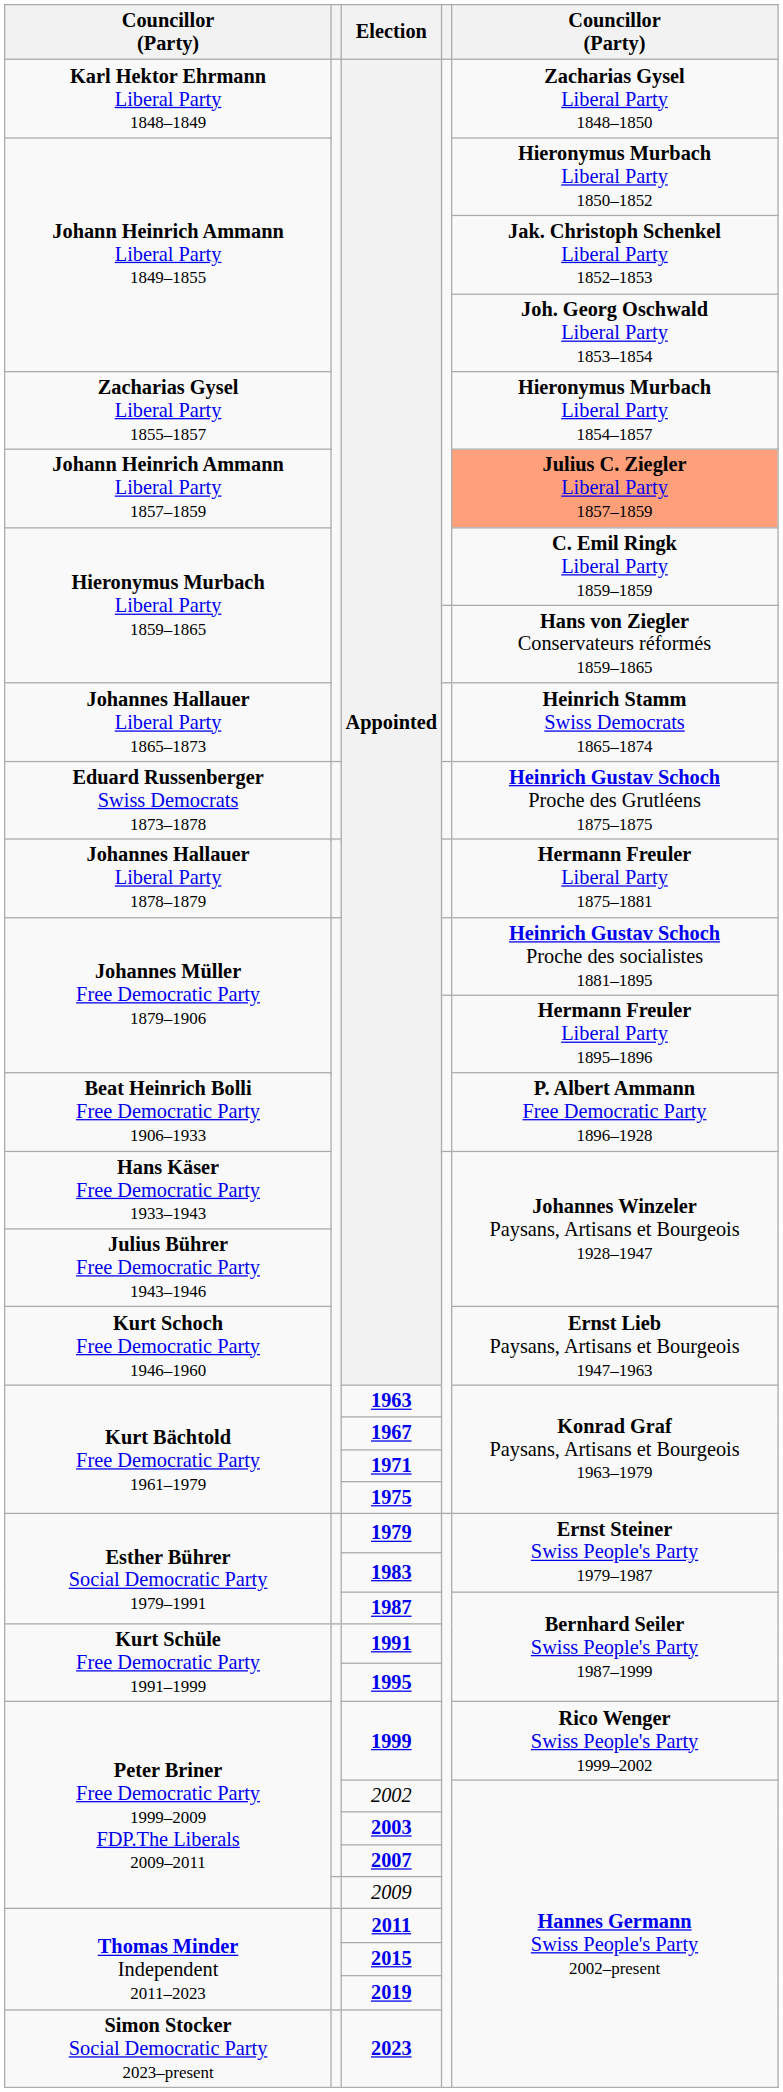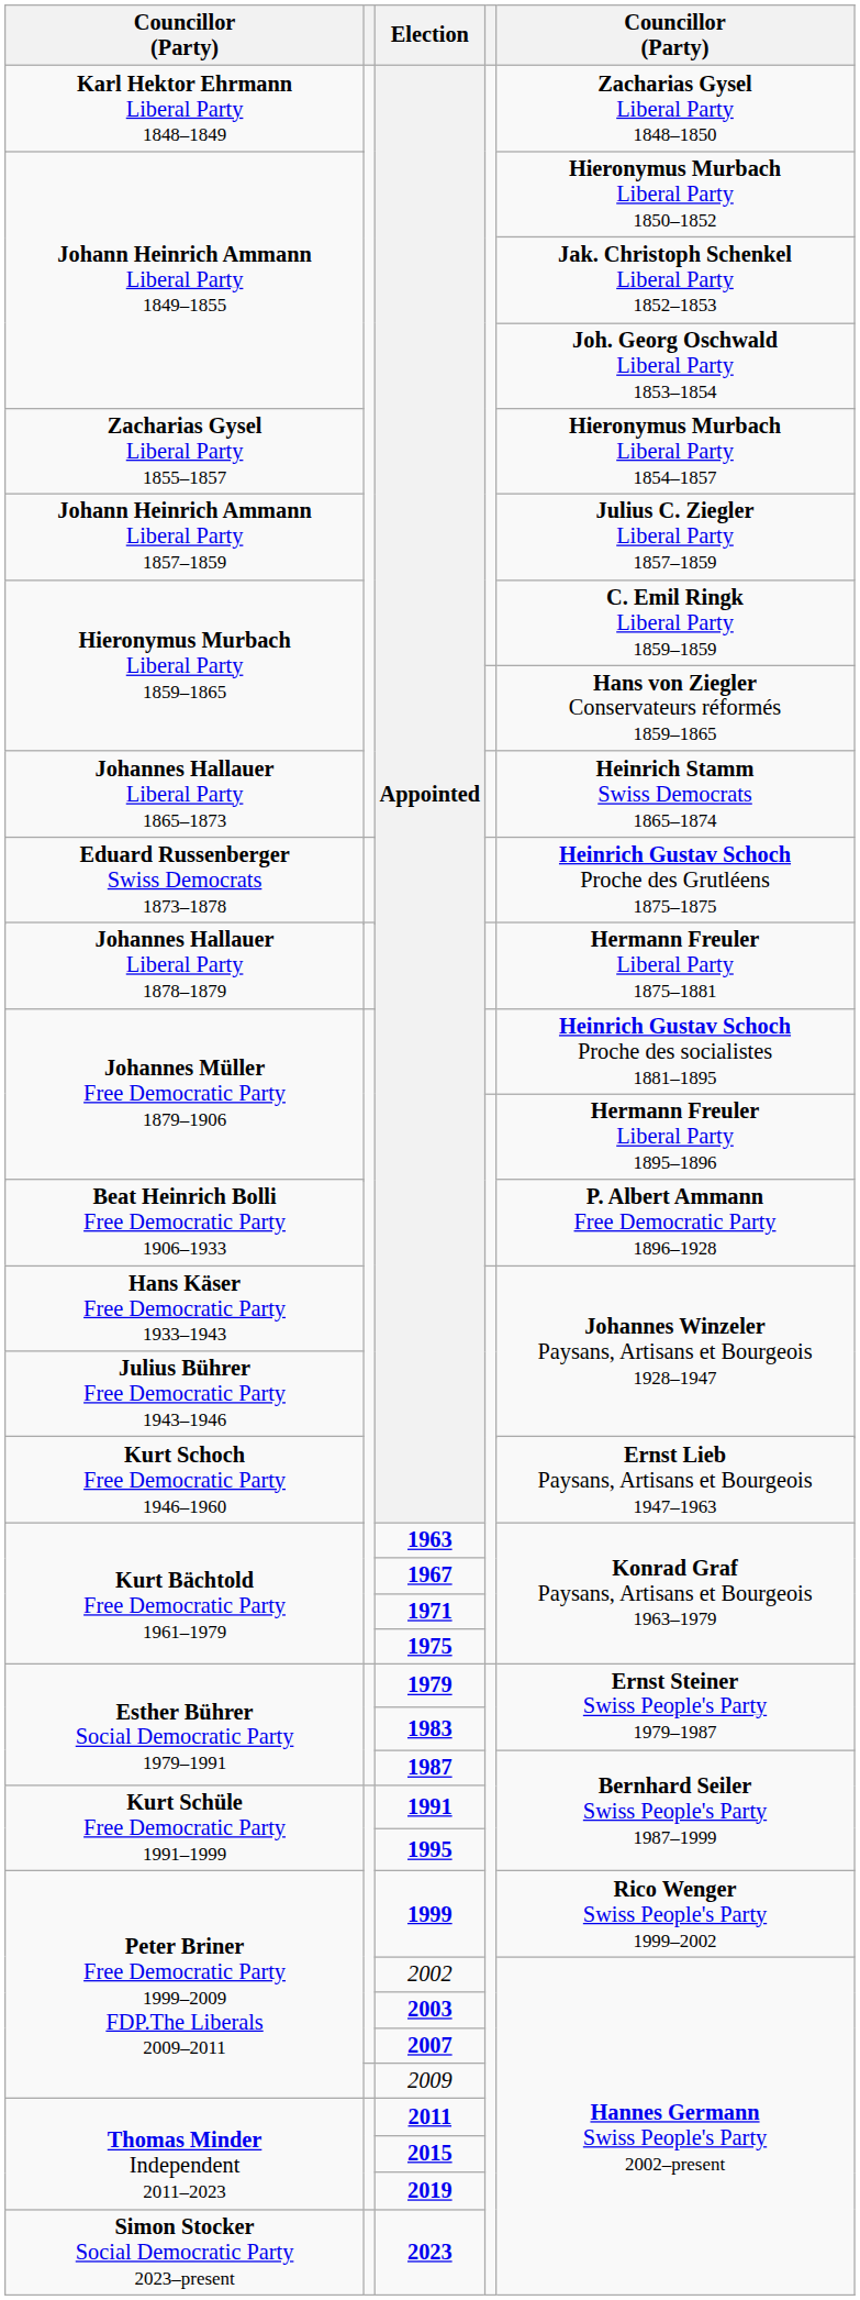 <table class="wikitable" style="text-align:center">
 <tr>
 <th scope="col" width="250" colspan = "1">Councillor<br> (Party)</th>
 <th></th>
 <th>Election</th>
 <th></th>
 <th scope="col" width="250" colspan = "1">Councillor<br> (Party)</th>
 </tr>
 <tr>
 <td rowspan=1><strong>Karl Hektor Ehrmann</strong><br><a href='#'>Liberal Party</a><br><small>1848–1849</small></td>
 <td rowspan=11; style="background-color: "></td>
 <th rowspan=26>Appointed</th>
 <td rowspan=9; style="background-color: "></td>
 <td rowspan=2><strong>Zacharias Gysel</strong><br><a href='#'>Liberal Party</a><br><small>1848–1850</small></td>
 </tr>
 <tr>
 <td rowspan=5><strong>Johann Heinrich Ammann</strong><br><a href='#'>Liberal Party</a><br><small>1849–1855</small></td>
 </tr>
 <tr>
 <td rowspan=1><strong>Hieronymus Murbach</strong><br><a href='#'>Liberal Party</a><br><small>1850–1852</small></td>
 </tr>
 <tr>
 <td rowspan=1><strong>Jak. Christoph Schenkel</strong><br><a href='#'>Liberal Party</a><br><small>1852–1853</small></td>
 </tr>
 <tr>
 <td rowspan=1><strong>Joh. Georg Oschwald</strong><br><a href='#'>Liberal Party</a><br><small>1853–1854</small></td>
 </tr>
 <tr>
 <td rowspan=2><strong>Hieronymus Murbach</strong><br><a href='#'>Liberal Party</a><br><small>1854–1857</small></td>
 </tr>
 <tr>
 <td rowspan=1><strong>Zacharias Gysel</strong><br><a href='#'>Liberal Party</a><br><small>1855–1857</small></td>
 </tr>
 <tr>
 <td rowspan=1><strong>Johann Heinrich Ammann</strong><br><a href='#'>Liberal Party</a><br><small>1857–1859</small></td>
-<td rowspan=1 style="background: lightsalmon;"><strong>Julius C. Ziegler</strong><br><a href='#'>Liberal Party</a><br><small>1857–1859</small></td>
+<td rowspan=1><strong>Julius C. Ziegler</strong><br><a href='#'>Liberal Party</a><br><small>1857–1859</small></td>
 </tr>
 <tr>
 <td rowspan=2><strong>Hieronymus Murbach</strong><br><a href='#'>Liberal Party</a><br><small>1859–1865</small></td>
 <td rowspan=1><strong>C. Emil Ringk</strong><br><a href='#'>Liberal Party</a><br><small>1859–1859</small></td>
 </tr>
 <tr>
 <td rowspan=1; style="background-color: "></td>
 <td rowspan=1><strong>Hans von Ziegler</strong><br>Conservateurs réformés<br><small>1859–1865</small></td>
 </tr>
 <tr>
 <td rowspan=1><strong>Johannes Hallauer</strong><br><a href='#'>Liberal Party</a><br><small>1865–1873</small></td>
 <td rowspan=2; style="background-color: "></td>
 <td rowspan=2><strong>Heinrich Stamm</strong><br><a href='#'>Swiss Democrats</a><br><small>1865–1874</small></td>
 </tr>
 <tr>
 <td rowspan=3><strong>Eduard Russenberger</strong><br><a href='#'>Swiss Democrats</a><br><small>1873–1878</small></td>
 <td rowspan=3; style="background-color: "></td>
 </tr>
 <tr>
 <td rowspan=1; style="background-color: "></td>
 <td rowspan=1><strong><a href='#'>Heinrich Gustav Schoch</a></strong><br>Proche des Grutléens<br><small>1875–1875</small></td>
 </tr>
 <tr>
 <td rowspan=3; style="background-color: "></td>
 <td rowspan=3><strong>Hermann Freuler</strong><br><a href='#'>Liberal Party</a><br><small>1875–1881</small></td>
 </tr>
 <tr>
 <td rowspan=1><strong>Johannes Hallauer</strong><br><a href='#'>Liberal Party</a><br><small>1878–1879</small></td>
 <td rowspan=1; style="background-color: "></td>
 </tr>
 <tr>
 <td rowspan=4><strong>Johannes Müller</strong><br><a href='#'>Free Democratic Party</a><br><small>1879–1906</small></td>
 <td rowspan=15; style="background-color: "></td>
 </tr>
 <tr>
 <td rowspan=1; style="background-color: "></td>
 <td rowspan=1><strong><a href='#'>Heinrich Gustav Schoch</a></strong><br>Proche des socialistes<br><small>1881–1895</small></td>
 </tr>
 <tr>
 <td rowspan=3; style="background-color: "></td>
 <td rowspan=1><strong>Hermann Freuler</strong><br><a href='#'>Liberal Party</a><br><small>1895–1896</small></td>
 </tr>
 <tr>
 <td rowspan=2><strong>P. Albert Ammann</strong><br><a href='#'>Free Democratic Party</a><br><small>1896–1928</small></td>
 </tr>
 <tr>
 <td rowspan=2><strong>Beat Heinrich Bolli</strong><br><a href='#'>Free Democratic Party</a><br><small>1906–1933</small></td>
 </tr>
 <tr>
 <td rowspan=10; style="background-color: "></td>
 <td rowspan=4><strong>Johannes Winzeler</strong><br>Paysans, Artisans et Bourgeois<br><small>1928–1947</small></td>
 </tr>
 <tr>
 <td rowspan=1><strong>Hans Käser</strong><br><a href='#'>Free Democratic Party</a><br><small>1933–1943</small></td>
 </tr>
 <tr>
 <td rowspan=1><strong>Julius Bührer</strong><br><a href='#'>Free Democratic Party</a><br><small>1943–1946</small></td>
 </tr>
 <tr>
 <td rowspan=2><strong>Kurt Schoch</strong><br><a href='#'>Free Democratic Party</a><br><small>1946–1960</small></td>
 </tr>
 <tr>
 <td rowspan=2><strong>Ernst Lieb</strong><br>Paysans, Artisans et Bourgeois<br><small>1947–1963</small></td>
 </tr>
 <tr>
 <td rowspan=5><br><strong>Kurt Bächtold</strong><br><a href='#'>Free Democratic Party</a><br><small>1961–1979</small></td>
 </tr>
 <tr>
 <td><strong><a href='#'>1963</a></strong></td>
 <td rowspan=4><strong>Konrad Graf</strong><br>Paysans, Artisans et Bourgeois<br><small>1963–1979</small></td>
 </tr>
 <tr>
 <td><strong><a href='#'>1967</a></strong></td>
 </tr>
 <tr>
 <td><strong><a href='#'>1971</a></strong></td>
 </tr>
 <tr>
 <td><strong><a href='#'>1975</a></strong></td>
 </tr>
 <tr>
 <td rowspan=3><br><strong>Esther Bührer</strong><br><a href='#'>Social Democratic Party</a><br><small>1979–1991</small></td>
 <td rowspan=3; style="background-color: "></td>
 <td><strong><a href='#'>1979</a></strong></td>
 <td rowspan=14; style="background-color: "></td>
 <td rowspan=2><strong>Ernst Steiner</strong><br><a href='#'>Swiss People's Party</a><br><small>1979–1987</small></td>
 </tr>
 <tr>
 <td><strong><a href='#'>1983</a></strong></td>
 </tr>
 <tr>
 <td><strong><a href='#'>1987</a></strong></td>
 <td rowspan=3><strong>Bernhard Seiler</strong><br><a href='#'>Swiss People's Party</a><br><small>1987–1999</small></td>
 </tr>
 <tr>
 <td rowspan=2><strong>Kurt Schüle</strong><br><a href='#'>Free Democratic Party</a><br><small>1991–1999</small></td>
 <td rowspan=6; style="background-color: "></td>
 <td><strong><a href='#'>1991</a></strong></td>
 </tr>
 <tr>
 <td><strong><a href='#'>1995</a></strong></td>
 </tr>
 <tr>
 <td rowspan=5><br><strong>Peter Briner</strong><br><a href='#'>Free Democratic Party</a><br><small>1999–2009</small><br><a href='#'>FDP.The Liberals</a><br><small>2009–2011</small></td>
 <td><strong><a href='#'>1999</a></strong></td>
 <td rowspan=1><strong>Rico Wenger</strong><br><a href='#'>Swiss People's Party</a><br><small>1999–2002</small></td>
 </tr>
 <tr>
 <td><em>2002</em></td>
 <td rowspan=8><br><strong><a href='#'>Hannes Germann</a></strong><br><a href='#'>Swiss People's Party</a><br><small>2002–present</small></td>
 </tr>
 <tr>
 <td><strong><a href='#'>2003</a></strong></td>
 </tr>
 <tr>
 <td><strong><a href='#'>2007</a></strong></td>
 </tr>
 <tr>
 <td rowspan=1; style="background-color: "></td>
 <td><em>2009</em></td>
 </tr>
 <tr>
 <td rowspan=3><br><strong><a href='#'>Thomas Minder</a></strong><br>Independent<br><small>2011–2023</small></td>
 <td rowspan=3; style="background-color: "></td>
 <td><strong><a href='#'>2011</a></strong></td>
 </tr>
 <tr>
 <td><strong><a href='#'>2015</a></strong></td>
 </tr>
 <tr>
 <td><strong><a href='#'>2019</a></strong></td>
 </tr>
 <tr>
 <td rowspan=1><strong>Simon Stocker</strong><br><a href='#'>Social Democratic Party</a><br><small>2023–present</small></td>
 <td rowspan=1; style="background-color: "></td>
 <td><strong><a href='#'>2023</a></strong></td>
 </tr>
 </table>
